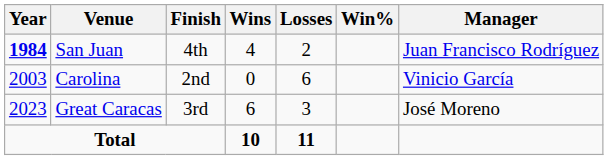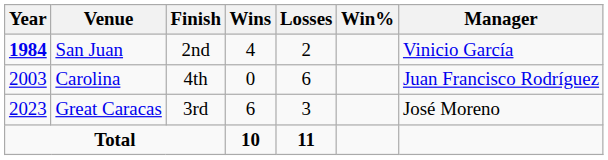 <table class="wikitable sortable plainrowheaders" style="text-align:center;">
 <tr>
 <th scope="col">Year</th>
 <th scope="col">Venue</th>
 <th scope="col">Finish</th>
 <th scope="col">Wins</th>
 <th scope="col">Losses</th>
 <th scope="col">Win%</th>
 <th scope="col">Manager</th>
 </tr>
 <tr>
 <td><strong><a href='#'>1984</a></strong></td>
 <td align=left> <a href='#'>San Juan</a></td>
-<td>4th</td>
+<td>2nd</td>
 <td>4</td>
 <td>2</td>
 <td></td>
-<td align=left> <a href='#'>Juan Francisco Rodríguez</a></td>
+<td align=left> <a href='#'>Vinicio García</a></td>
 </tr>
 <tr>
 <td><a href='#'>2003</a></td>
 <td align=left> <a href='#'>Carolina</a></td>
-<td>2nd</td>
+<td>4th</td>
 <td>0</td>
 <td>6</td>
 <td></td>
-<td align=left> <a href='#'>Vinicio García</a></td>
+<td align=left> <a href='#'>Juan Francisco Rodríguez</a></td>
 </tr>
 <tr style="background:bronze;">
 <td><a href='#'>2023</a></td>
 <td align=left> <a href='#'>Great Caracas</a></td>
 <td>3rd</td>
 <td>6</td>
 <td>3</td>
 <td></td>
 <td align=left> José Moreno</td>
 </tr>
 <tr style="text-align:center; ">
 <td colspan="3"><strong>Total</strong></td>
 <td><strong>10</strong></td>
 <td><strong>11</strong></td>
 <td><strong></strong></td>
 <td></td>
 </tr>
 </table>
